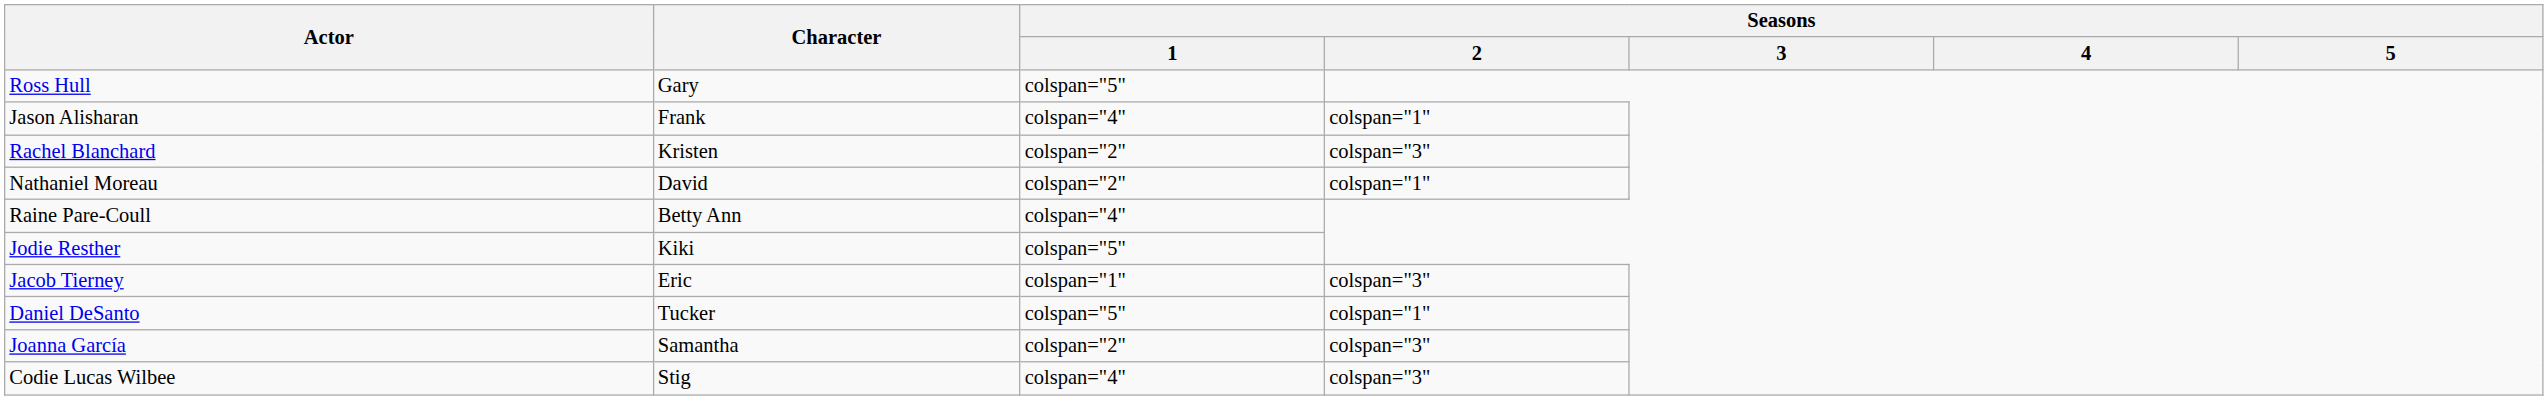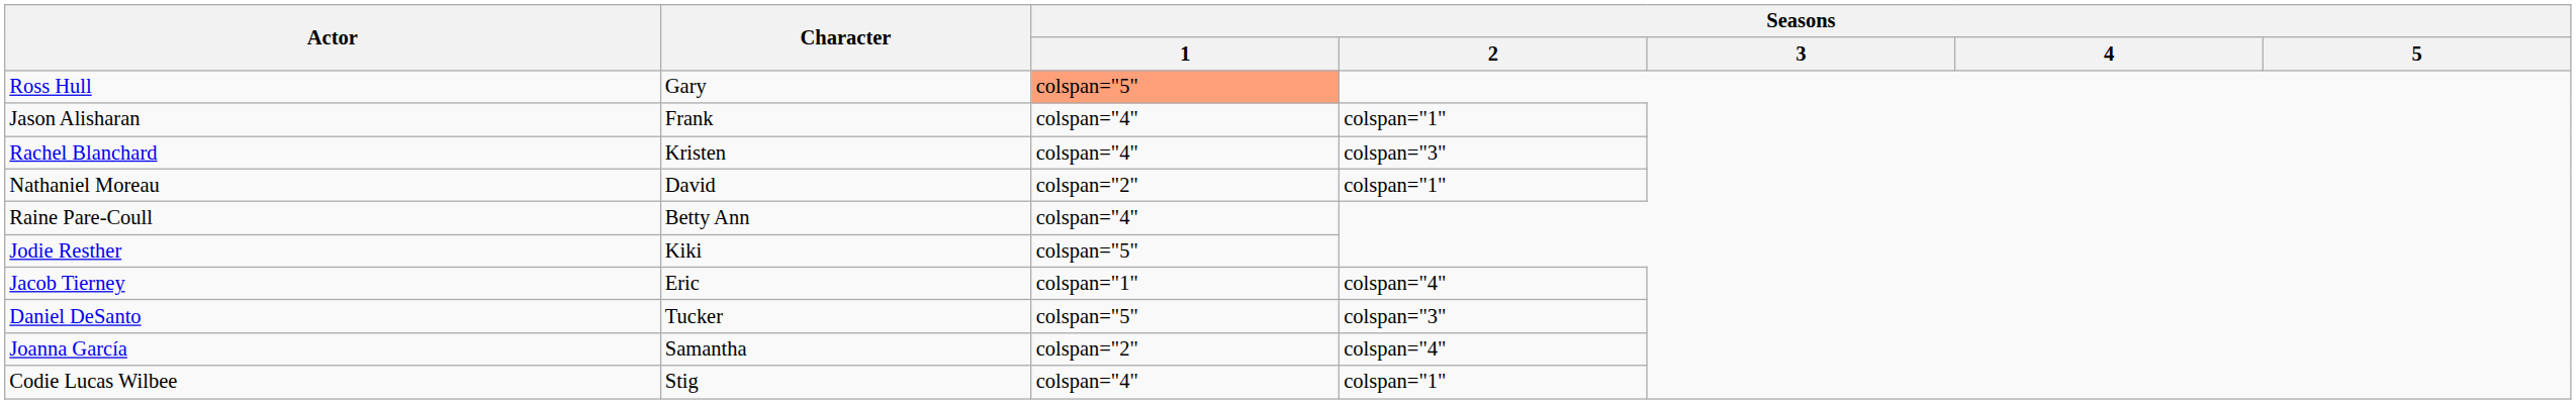 <table class="wikitable" width="100%">
 <tr>
 <th rowspan="2">Actor</th>
 <th rowspan="2">Character</th>
 <th colspan="5">Seasons</th>
 </tr>
 <tr>
 <th style="width:12%;">1</th>
 <th style="width:12%;">2</th>
 <th style="width:12%;">3</th>
 <th style="width:12%;">4</th>
 <th style="width:12%;">5</th>
 </tr>
 <tr>
 <td><a href='#'>Ross Hull</a></td>
 <td>Gary</td>
-<td>colspan="5" </td>
+<td style="background: lightsalmon;">colspan="5" </td>
 </tr>
 <tr>
 <td>Jason Alisharan</td>
 <td>Frank</td>
 <td>colspan="4" </td>
 <td>colspan="1" </td>
 </tr>
 <tr>
 <td><a href='#'>Rachel Blanchard</a></td>
 <td>Kristen</td>
-<td>colspan="2" </td>
+<td>colspan="4" </td>
 <td>colspan="3" </td>
 </tr>
 <tr>
 <td>Nathaniel Moreau</td>
 <td>David</td>
 <td>colspan="2" </td>
 <td>colspan="1" </td>
 </tr>
 <tr>
 <td>Raine Pare-Coull</td>
 <td>Betty Ann</td>
 <td>colspan="4" </td>
 </tr>
 <tr>
 <td><a href='#'>Jodie Resther</a></td>
 <td>Kiki</td>
 <td>colspan="5" </td>
 </tr>
 <tr>
 <td><a href='#'>Jacob Tierney</a></td>
 <td>Eric</td>
 <td>colspan="1" </td>
-<td>colspan="3" </td>
+<td>colspan="4" </td>
 </tr>
 <tr>
 <td><a href='#'>Daniel DeSanto</a></td>
 <td>Tucker</td>
 <td>colspan="5" </td>
-<td>colspan="1" </td>
+<td>colspan="3" </td>
 </tr>
 <tr>
 <td><a href='#'>Joanna García</a></td>
 <td>Samantha</td>
 <td>colspan="2" </td>
-<td>colspan="3" </td>
+<td>colspan="4" </td>
 </tr>
 <tr>
 <td>Codie Lucas Wilbee</td>
 <td>Stig</td>
 <td>colspan="4" </td>
-<td>colspan="3" </td>
+<td>colspan="1" </td>
 </tr>
 </table>
